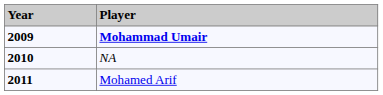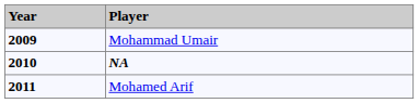 <table bgcolor="#f7f8ff" cellpadding="3" cellspacing="0" border="1" style="font-size: 95%; border: gray solid 1px; border-collapse: collapse;">
 <tr bgcolor="#CCCCCC">
 <td width="100"><strong>Year</strong></td>
 <td width="320"><strong>Player</strong></td>
 </tr>
 <tr>
 <td><strong>2009</strong></td>
-<td><strong> <a href='#'>Mohammad Umair</a></strong></td>
+<td> <a href='#'>Mohammad Umair</a></td>
 </tr>
 <tr>
 <td><strong>2010</strong></td>
-<td><em>NA</em></td>
+<td><strong><em>NA</em></strong></td>
 </tr>
 <tr>
 <td><strong>2011</strong></td>
 <td> <a href='#'>Mohamed Arif</a></td>
 </tr>
 </table>
